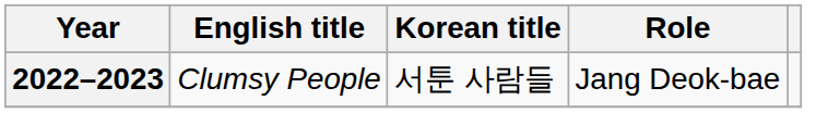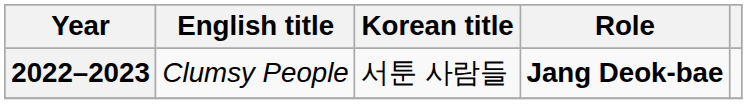 <table class="wikitable sortable plainrowheaders">
 <tr>
 <th scope="col">Year</th>
 <th scope="col">English title</th>
 <th scope="col">Korean title</th>
 <th scope="col">Role</th>
 <th scope="col" class="unsortable"></th>
 </tr>
 <tr>
 <th scope="row">2022–2023</th>
 <td><em>Clumsy People</em></td>
 <td>서툰 사람들</td>
-<td>Jang Deok-bae</td>
+<td><strong>Jang Deok-bae</strong></td>
 <td></td>
 </tr>
 <tr>
 </tr>
 </table>
